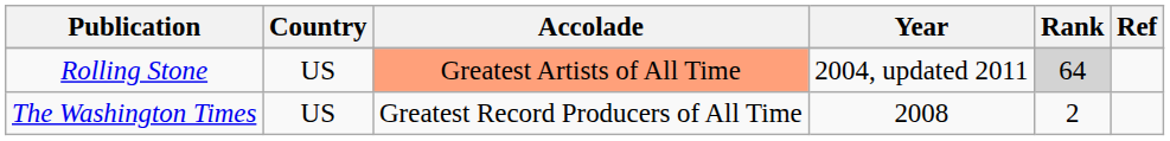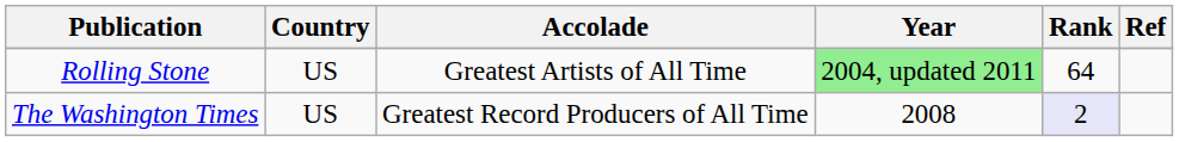 <table class="wikitable" style="text-align: center">
 <tr>
 <th>Publication</th>
 <th>Country</th>
 <th>Accolade</th>
 <th>Year</th>
 <th>Rank</th>
 <th>Ref</th>
 </tr>
 <tr>
 </tr>
 <tr>
 </tr>
 <tr>
 <td><em><a href='#'>Rolling Stone</a></em></td>
 <td>US</td>
-<td style="background: lightsalmon;">Greatest Artists of All Time</td>
-<td>2004, updated 2011</td>
-<td style="background: lightgrey;">64</td>
+<td>Greatest Artists of All Time</td>
+<td style="background: lightgreen;">2004, updated 2011</td>
+<td>64</td>
 <td></td>
 </tr>
 <tr>
 <td><em><a href='#'>The Washington Times</a></em></td>
 <td>US</td>
 <td>Greatest Record Producers of All Time</td>
 <td>2008</td>
-<td>2</td>
+<td style="background: lavender;">2</td>
 <td></td>
 </tr>
 </table>
